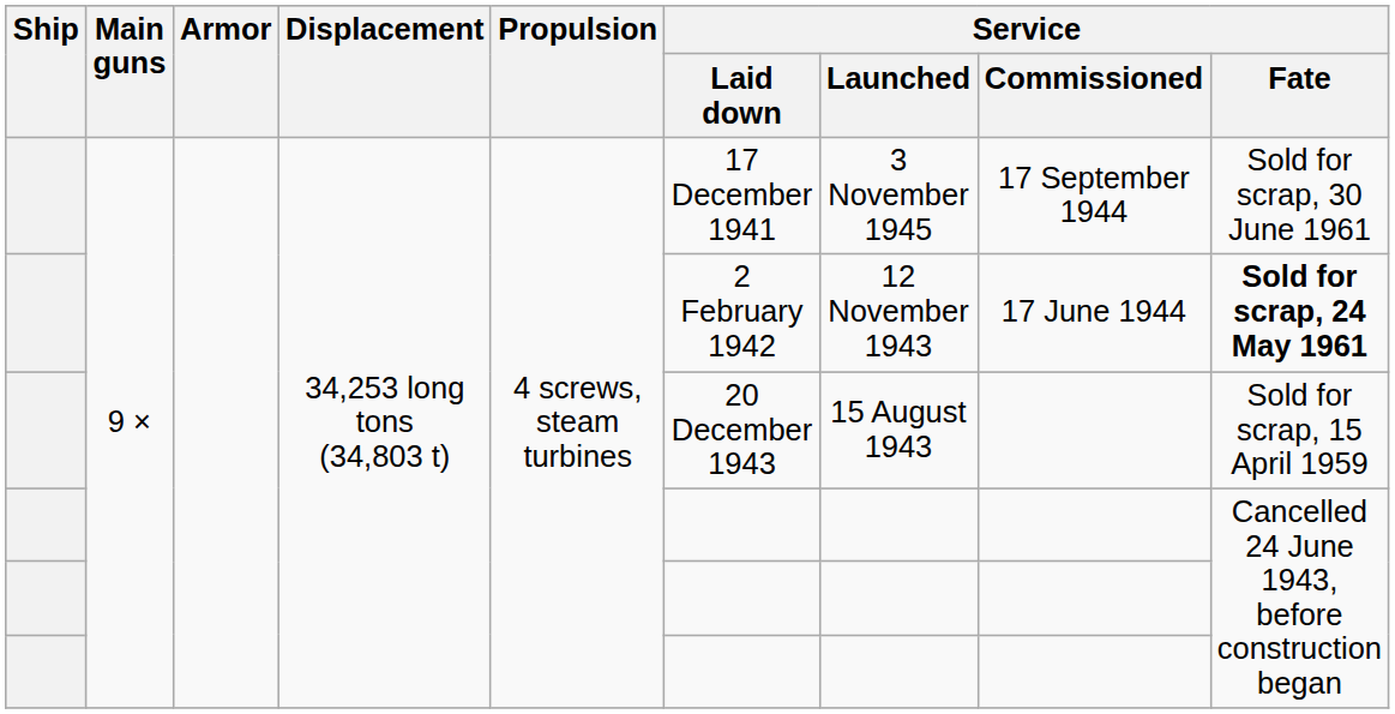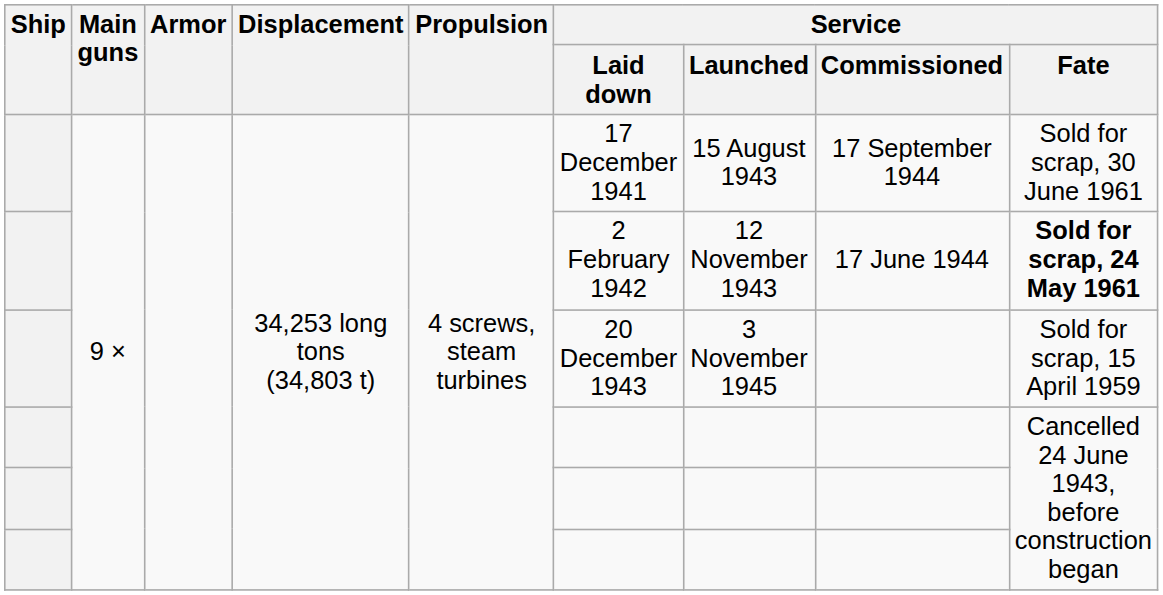 <table class="wikitable plainrowheaders" style="width:98%; text-align:center;">
 <tr valign="top"|- valign="top">
 <th scope="col" rowspan="2">Ship</th>
 <th scope="col" rowspan="2">Main guns</th>
 <th scope="col" rowspan="2">Armor</th>
 <th scope="col" rowspan="2">Displacement</th>
 <th scope="col" rowspan="2">Propulsion</th>
 <th scope="col" colspan="4">Service</th>
 </tr>
 <tr valign="top">
 <th scope="col">Laid down</th>
 <th scope="col">Launched</th>
 <th scope="col">Commissioned</th>
 <th scope="col">Fate</th>
 </tr>
 <tr>
 <th scope="row"></th>
 <td rowspan="6">9 × </td>
 <td rowspan="6"></td>
 <td rowspan="6">34,253 long tons <br>(34,803 t)</td>
 <td rowspan="6">4 screws, steam turbines<br> </td>
 <td>17 December 1941</td>
-<td>3 November 1945</td>
+<td>15 August 1943</td>
 <td>17 September 1944</td>
 <td style-"text-align: left;" data-sort-value="30 June 1961">Sold for scrap, 30 June 1961</td>
 </tr>
 <tr>
 <th scope="row"></th>
 <td>2 February 1942</td>
 <td>12 November 1943</td>
 <td>17 June 1944</td>
 <td style-"text-align: left;" data-sort-value="24 May 1961"><strong>Sold for scrap, 24 May 1961</strong></td>
 </tr>
 <tr>
 <th scope="row"></th>
 <td>20 December 1943</td>
-<td>15 August 1943</td>
+<td>3 November 1945</td>
 <td></td>
 <td style-"text-align: left;" data-sort-value="15 April 1959">Sold for scrap, 15 April 1959</td>
 </tr>
 <tr>
 <th scope="row"></th>
 <td></td>
 <td></td>
 <td></td>
 <td rowspan="3" data-sort-value="24 June 1943">Cancelled 24 June 1943, before construction began</td>
 </tr>
 <tr>
 <th scope="row"></th>
 <td></td>
 <td></td>
 <td></td>
 </tr>
 <tr>
 <th scope="row"></th>
 <td></td>
 <td></td>
 <td></td>
 </tr>
 </table>
